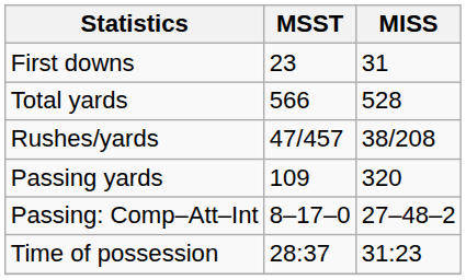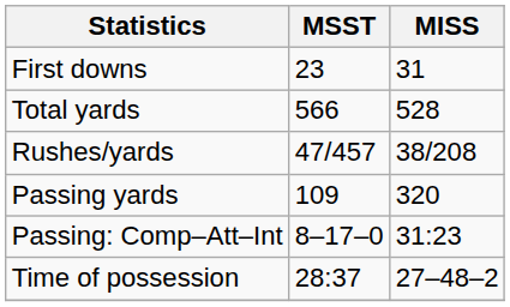 <table class="wikitable" style="float: left;">
 <tr>
 <th>Statistics</th>
 <th>MSST</th>
 <th>MISS</th>
 </tr>
 <tr>
 <td>First downs</td>
 <td>23</td>
 <td>31</td>
 </tr>
 <tr>
 <td>Total yards</td>
 <td>566</td>
 <td>528</td>
 </tr>
 <tr>
 <td>Rushes/yards</td>
 <td>47/457</td>
 <td>38/208</td>
 </tr>
 <tr>
 <td>Passing yards</td>
 <td>109</td>
 <td>320</td>
 </tr>
 <tr>
 <td>Passing: Comp–Att–Int</td>
 <td>8–17–0</td>
-<td>27–48–2</td>
+<td>31:23</td>
 </tr>
 <tr>
 <td>Time of possession</td>
 <td>28:37</td>
-<td>31:23</td>
+<td>27–48–2</td>
 </tr>
 <tr>
 </tr>
 </table>
